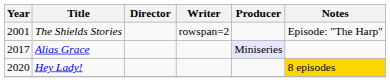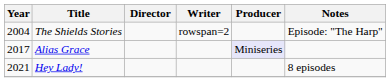 <table class="wikitable">
 <tr>
 <th>Year</th>
 <th>Title</th>
 <th width=65>Director</th>
 <th width=65>Writer</th>
 <th width=65>Producer</th>
 <th>Notes</th>
 </tr>
 <tr>
-<td>2001</td>
+<td>2004</td>
 <td><em>The Shields Stories</em></td>
 <td></td>
 <td>rowspan=2 </td>
 <td></td>
 <td>Episode: "The Harp"</td>
 </tr>
 <tr>
 <td>2017</td>
 <td><em><a href='#'>Alias Grace</a></em></td>
 <td></td>
 <td></td>
 <td style="background: lavender;">Miniseries</td>
 </tr>
 <tr>
-<td>2020</td>
+<td>2021</td>
 <td><em><a href='#'>Hey Lady!</a></em></td>
 <td></td>
 <td></td>
 <td></td>
-<td style="background: gold;">8 episodes</td>
+<td>8 episodes</td>
 </tr>
 <tr>
 </tr>
 </table>
